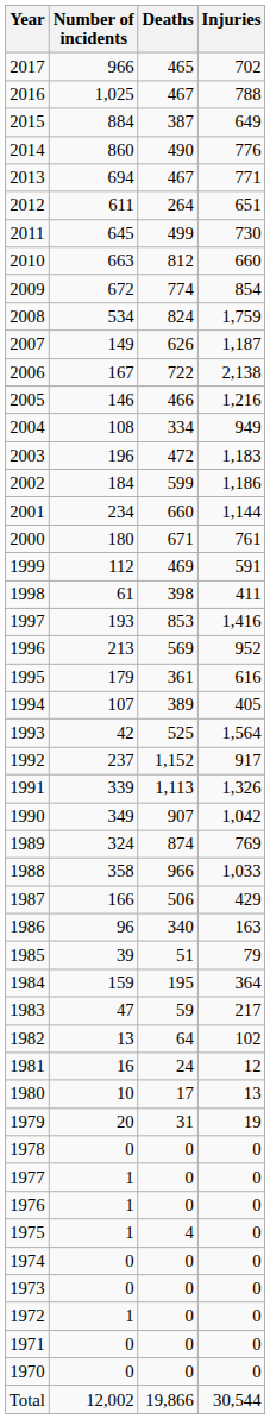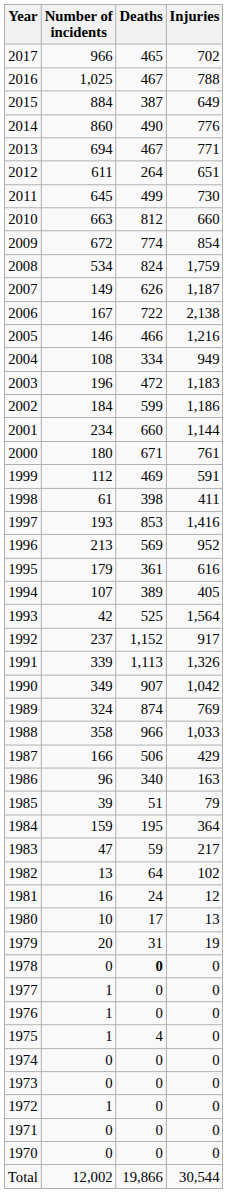 <table class="wikitable sortable collapsible collapsed floatright" style="text-align:right">
 <tr style="background:#ececec; vertical-align:top;">
 <th>Year</th>
 <th>Number of<br>incidents</th>
 <th>Deaths</th>
 <th>Injuries</th>
 </tr>
 <tr>
 <td align=center>2017</td>
 <td>966</td>
 <td>465</td>
 <td>702</td>
 </tr>
 <tr>
 <td align=center>2016</td>
 <td>1,025</td>
 <td>467</td>
 <td>788</td>
 </tr>
 <tr>
 <td align=center>2015</td>
 <td>884</td>
 <td>387</td>
 <td>649</td>
 </tr>
 <tr>
 <td align=center>2014</td>
 <td>860</td>
 <td>490</td>
 <td>776</td>
 </tr>
 <tr>
 <td align=center>2013</td>
 <td>694</td>
 <td>467</td>
 <td>771</td>
 </tr>
 <tr>
 <td align=center>2012</td>
 <td>611</td>
 <td>264</td>
 <td>651</td>
 </tr>
 <tr>
 <td align=center>2011</td>
 <td>645</td>
 <td>499</td>
 <td>730</td>
 </tr>
 <tr>
 <td align=center>2010</td>
 <td>663</td>
 <td>812</td>
 <td>660</td>
 </tr>
 <tr>
 <td align=center>2009</td>
 <td>672</td>
 <td>774</td>
 <td>854</td>
 </tr>
 <tr>
 <td align=center>2008</td>
 <td>534</td>
 <td>824</td>
 <td>1,759</td>
 </tr>
 <tr>
 <td align=center>2007</td>
 <td>149</td>
 <td>626</td>
 <td>1,187</td>
 </tr>
 <tr>
 <td align=center>2006</td>
 <td>167</td>
 <td>722</td>
 <td>2,138</td>
 </tr>
 <tr>
 <td align=center>2005</td>
 <td>146</td>
 <td>466</td>
 <td>1,216</td>
 </tr>
 <tr>
 <td align=center>2004</td>
 <td>108</td>
 <td>334</td>
 <td>949</td>
 </tr>
 <tr>
 <td align=center>2003</td>
 <td>196</td>
 <td>472</td>
 <td>1,183</td>
 </tr>
 <tr>
 <td align=center>2002</td>
 <td>184</td>
 <td>599</td>
 <td>1,186</td>
 </tr>
 <tr>
 <td align=center>2001</td>
 <td>234</td>
 <td>660</td>
 <td>1,144</td>
 </tr>
 <tr>
 <td align=center>2000</td>
 <td>180</td>
 <td>671</td>
 <td>761</td>
 </tr>
 <tr>
 <td align=center>1999</td>
 <td>112</td>
 <td>469</td>
 <td>591</td>
 </tr>
 <tr>
 <td align=center>1998</td>
 <td>61</td>
 <td>398</td>
 <td>411</td>
 </tr>
 <tr>
 <td align=center>1997</td>
 <td>193</td>
 <td>853</td>
 <td>1,416</td>
 </tr>
 <tr>
 <td align=center>1996</td>
 <td>213</td>
 <td>569</td>
 <td>952</td>
 </tr>
 <tr>
 <td align=center>1995</td>
 <td>179</td>
 <td>361</td>
 <td>616</td>
 </tr>
 <tr>
 <td align=center>1994</td>
 <td>107</td>
 <td>389</td>
 <td>405</td>
 </tr>
 <tr>
 <td align=center>1993</td>
 <td>42</td>
 <td>525</td>
 <td>1,564</td>
 </tr>
 <tr>
 <td align=center>1992</td>
 <td>237</td>
 <td>1,152</td>
 <td>917</td>
 </tr>
 <tr>
 <td align=center>1991</td>
 <td>339</td>
 <td>1,113</td>
 <td>1,326</td>
 </tr>
 <tr>
 <td align=center>1990</td>
 <td>349</td>
 <td>907</td>
 <td>1,042</td>
 </tr>
 <tr>
 <td align=center>1989</td>
 <td>324</td>
 <td>874</td>
 <td>769</td>
 </tr>
 <tr>
 <td align=center>1988</td>
 <td>358</td>
 <td>966</td>
 <td>1,033</td>
 </tr>
 <tr>
 <td align=center>1987</td>
 <td>166</td>
 <td>506</td>
 <td>429</td>
 </tr>
 <tr>
 <td align=center>1986</td>
 <td>96</td>
 <td>340</td>
 <td>163</td>
 </tr>
 <tr>
 <td align=center>1985</td>
 <td>39</td>
 <td>51</td>
 <td>79</td>
 </tr>
 <tr>
 <td align=center>1984</td>
 <td>159</td>
 <td>195</td>
 <td>364</td>
 </tr>
 <tr>
 <td align=center>1983</td>
 <td>47</td>
 <td>59</td>
 <td>217</td>
 </tr>
 <tr>
 <td align=center>1982</td>
 <td>13</td>
 <td>64</td>
 <td>102</td>
 </tr>
 <tr>
 <td align=center>1981</td>
 <td>16</td>
 <td>24</td>
 <td>12</td>
 </tr>
 <tr>
 <td align=center>1980</td>
 <td>10</td>
 <td>17</td>
 <td>13</td>
 </tr>
 <tr>
 <td align=center>1979</td>
 <td>20</td>
 <td>31</td>
 <td>19</td>
 </tr>
 <tr>
 <td align=center>1978</td>
 <td>0</td>
-<td>0</td>
+<td><strong>0</strong></td>
 <td>0</td>
 </tr>
 <tr>
 <td align=center>1977</td>
 <td>1</td>
 <td>0</td>
 <td>0</td>
 </tr>
 <tr>
 <td align=center>1976</td>
 <td>1</td>
 <td>0</td>
 <td>0</td>
 </tr>
 <tr>
 <td align=center>1975</td>
 <td>1</td>
 <td>4</td>
 <td>0</td>
 </tr>
 <tr>
 <td align=center>1974</td>
 <td>0</td>
 <td>0</td>
 <td>0</td>
 </tr>
 <tr>
 <td align=center>1973</td>
 <td>0</td>
 <td>0</td>
 <td>0</td>
 </tr>
 <tr>
 <td align=center>1972</td>
 <td>1</td>
 <td>0</td>
 <td>0</td>
 </tr>
 <tr>
 <td align=center>1971</td>
 <td>0</td>
 <td>0</td>
 <td>0</td>
 </tr>
 <tr>
 <td align=center>1970</td>
 <td>0</td>
 <td>0</td>
 <td>0</td>
 </tr>
 <tr>
 <td align=center>Total</td>
 <td>12,002</td>
 <td>19,866</td>
 <td>30,544</td>
 </tr>
 </table>
